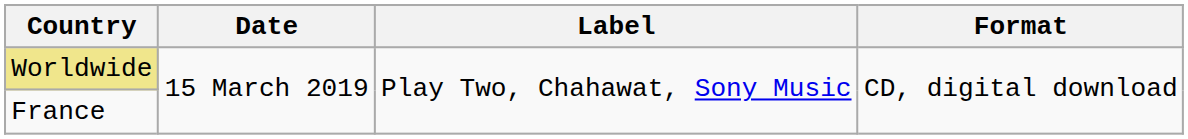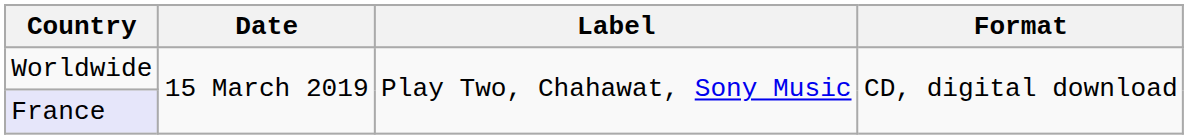 <table class="wikitable">
 <tr>
 <th>Country</th>
 <th>Date</th>
 <th>Label</th>
 <th>Format</th>
 </tr>
 <tr>
-<td style="background: khaki;">Worldwide</td>
+<td>Worldwide</td>
 <td rowspan="2">15 March 2019</td>
 <td rowspan="2">Play Two, Chahawat, <a href='#'>Sony Music</a></td>
 <td rowspan="2">CD, digital download</td>
 </tr>
 <tr>
-<td>France</td>
+<td style="background: lavender;">France</td>
 </tr>
 </table>
